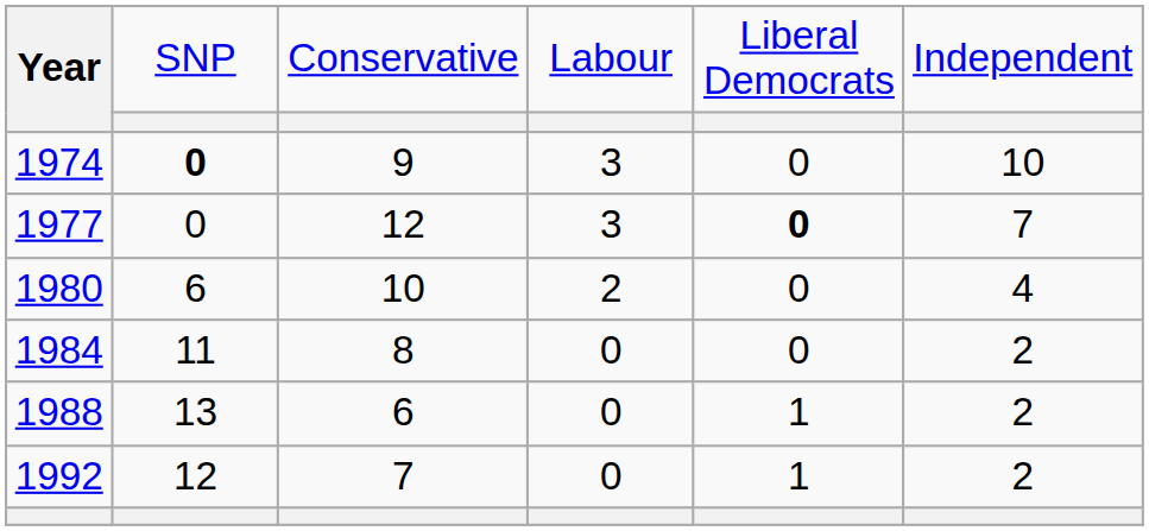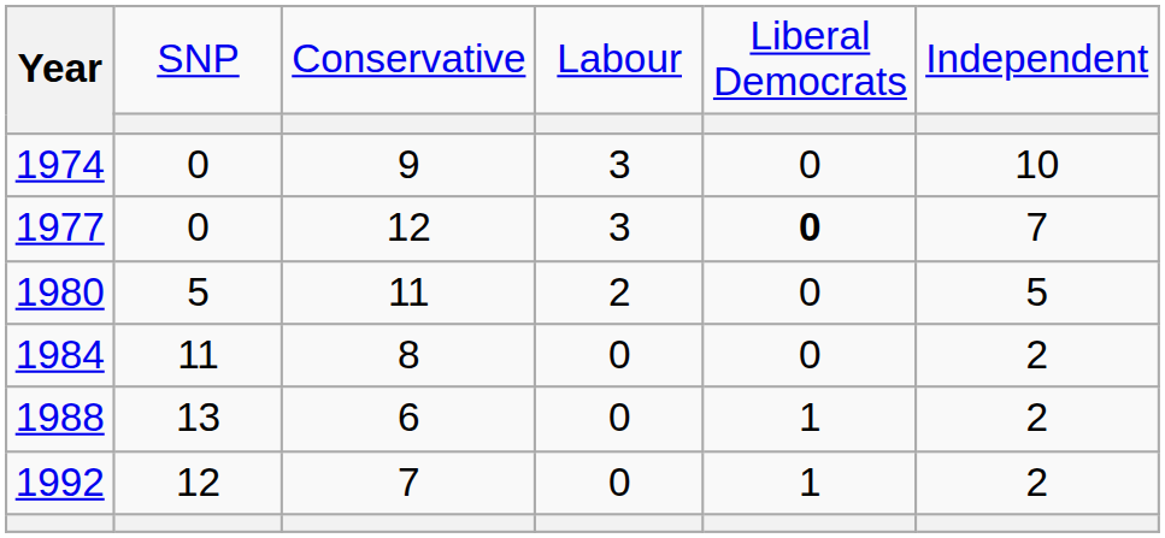 <table class=wikitable style=text-align:center>
 <tr>
 <th rowspan=2>Year</th>
 <td width="60"><a href='#'>SNP</a></td>
 <td width="60"><a href='#'>Conservative</a></td>
 <td width="60"><a href='#'>Labour</a></td>
 <td width="60"><a href='#'>Liberal Democrats</a></td>
 <td width="60"><a href='#'>Independent</a></td>
 </tr>
 <tr>
 <th style="background-color: "></th>
 <th style="background-color: "></th>
 <th style="background-color: "></th>
 <th style="background-color: "></th>
 <th style="background-color: "></th>
 </tr>
 <tr>
 <td><a href='#'>1974</a></td>
-<td><strong>0</strong></td>
+<td>0</td>
 <td>9</td>
 <td>3</td>
 <td>0</td>
 <td>10</td>
 </tr>
 <tr>
 <td><a href='#'>1977</a></td>
 <td>0</td>
 <td>12</td>
 <td>3</td>
 <td><strong>0</strong></td>
 <td>7</td>
 </tr>
 <tr>
 <td><a href='#'>1980</a></td>
-<td>6</td>
-<td>10</td>
+<td>5</td>
+<td>11</td>
 <td>2</td>
 <td>0</td>
-<td>4</td>
+<td>5</td>
 </tr>
 <tr>
 <td><a href='#'>1984</a></td>
 <td>11</td>
 <td>8</td>
 <td>0</td>
 <td>0</td>
 <td>2</td>
 </tr>
 <tr>
 <td><a href='#'>1988</a></td>
 <td>13</td>
 <td>6</td>
 <td>0</td>
 <td>1</td>
 <td>2</td>
 </tr>
 <tr>
 <td><a href='#'>1992</a></td>
 <td>12</td>
 <td>7</td>
 <td>0</td>
 <td>1</td>
 <td>2</td>
 </tr>
 <tr>
 <th></th>
 <th style="background-color: "></th>
 <th style="background-color: "></th>
 <th style="background-color: "></th>
 <th style="background-color: "></th>
 <th style="background-color: "></th>
 </tr>
 </table>
